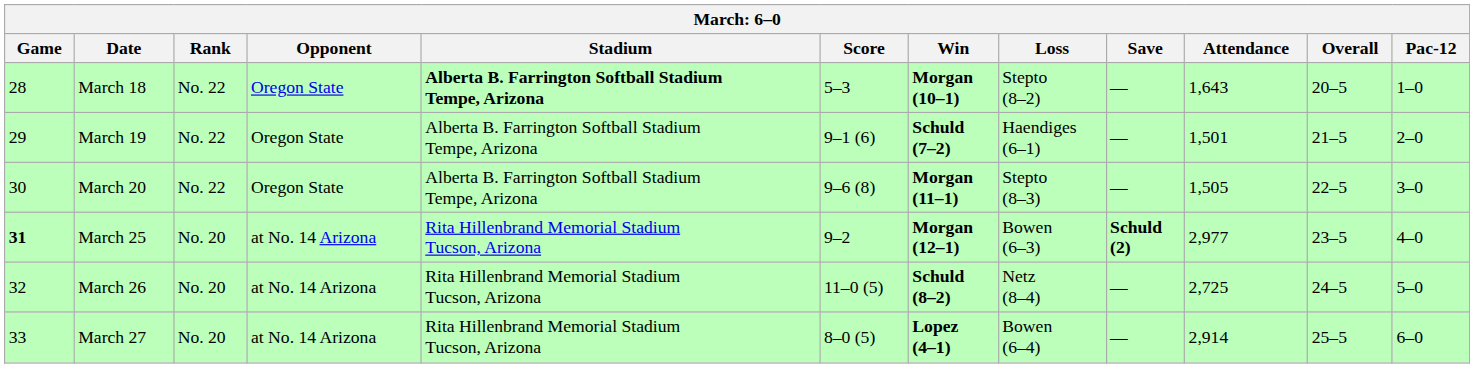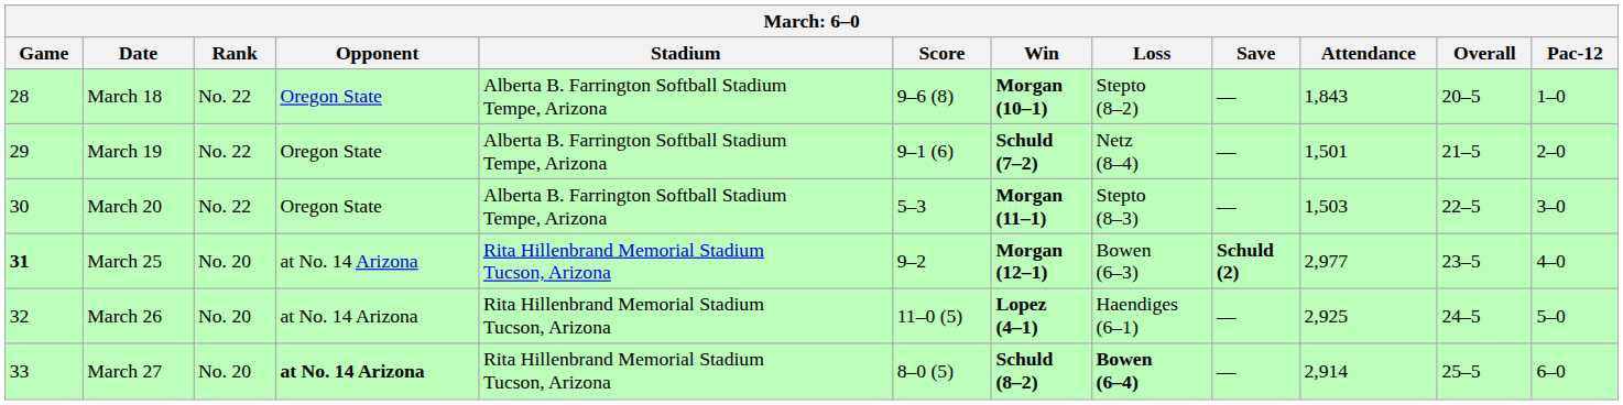 <table class="wikitable collapsible collapsed" style="margin:auto; font-size:95%; width:100%">
 <tr>
 <th colspan=12>March: 6–0</th>
 </tr>
 <tr>
 <th>Game</th>
 <th>Date</th>
 <th>Rank</th>
 <th>Opponent</th>
 <th>Stadium</th>
 <th>Score</th>
 <th>Win</th>
 <th>Loss</th>
 <th>Save</th>
 <th>Attendance</th>
 <th>Overall</th>
 <th>Pac-12</th>
 </tr>
 <tr style="background:#bfb;">
 <td>28</td>
 <td>March 18</td>
 <td>No. 22</td>
 <td><a href='#'>Oregon State</a></td>
-<td><strong>Alberta B. Farrington Softball Stadium<br>Tempe, Arizona</strong></td>
-<td>5–3</td>
+<td>Alberta B. Farrington Softball Stadium<br>Tempe, Arizona</td>
+<td>9–6 (8)</td>
 <td><strong>Morgan<br>(10–1)</strong></td>
 <td>Stepto<br>(8–2)</td>
 <td>—</td>
-<td>1,643</td>
+<td>1,843</td>
 <td>20–5</td>
 <td>1–0</td>
 </tr>
 <tr style="background:#bfb;">
 <td>29</td>
 <td>March 19</td>
 <td>No. 22</td>
 <td>Oregon State</td>
 <td>Alberta B. Farrington Softball Stadium<br>Tempe, Arizona</td>
 <td>9–1 (6)</td>
 <td><strong>Schuld<br>(7–2)</strong></td>
-<td>Haendiges<br>(6–1)</td>
+<td>Netz<br>(8–4)</td>
 <td>—</td>
 <td>1,501</td>
 <td>21–5</td>
 <td>2–0</td>
 </tr>
 <tr style="background:#bfb;">
 <td>30</td>
 <td>March 20</td>
 <td>No. 22</td>
 <td>Oregon State</td>
 <td>Alberta B. Farrington Softball Stadium<br>Tempe, Arizona</td>
-<td>9–6 (8)</td>
+<td>5–3</td>
 <td><strong>Morgan<br>(11–1)</strong></td>
 <td>Stepto<br>(8–3)</td>
 <td>—</td>
-<td>1,505</td>
+<td>1,503</td>
 <td>22–5</td>
 <td>3–0</td>
 </tr>
 <tr style="background:#bfb;">
 <td><strong>31</strong></td>
 <td>March 25</td>
 <td>No. 20</td>
 <td>at No. 14 <a href='#'>Arizona</a></td>
 <td><a href='#'>Rita Hillenbrand Memorial Stadium</a><br><a href='#'>Tucson, Arizona</a></td>
 <td>9–2</td>
 <td><strong>Morgan<br>(12–1)</strong></td>
 <td>Bowen<br>(6–3)</td>
 <td><strong>Schuld<br>(2)</strong></td>
 <td>2,977</td>
 <td>23–5</td>
 <td>4–0</td>
 </tr>
 <tr style="background:#bfb;">
 <td>32</td>
 <td>March 26</td>
 <td>No. 20</td>
 <td>at No. 14 Arizona</td>
 <td>Rita Hillenbrand Memorial Stadium<br>Tucson, Arizona</td>
 <td>11–0 (5)</td>
-<td><strong>Schuld<br>(8–2)</strong></td>
-<td>Netz<br>(8–4)</td>
+<td><strong>Lopez<br>(4–1)</strong></td>
+<td>Haendiges<br>(6–1)</td>
 <td>—</td>
-<td>2,725</td>
+<td>2,925</td>
 <td>24–5</td>
 <td>5–0</td>
 </tr>
 <tr style="background:#bfb;">
 <td>33</td>
 <td>March 27</td>
 <td>No. 20</td>
-<td>at No. 14 Arizona</td>
+<td><strong>at No. 14 Arizona</strong></td>
 <td>Rita Hillenbrand Memorial Stadium<br>Tucson, Arizona</td>
 <td>8–0 (5)</td>
-<td><strong>Lopez<br>(4–1)</strong></td>
-<td>Bowen<br>(6–4)</td>
+<td><strong>Schuld<br>(8–2)</strong></td>
+<td><strong>Bowen<br>(6–4)</strong></td>
 <td>—</td>
 <td>2,914</td>
 <td>25–5</td>
 <td>6–0</td>
 </tr>
 </table>
